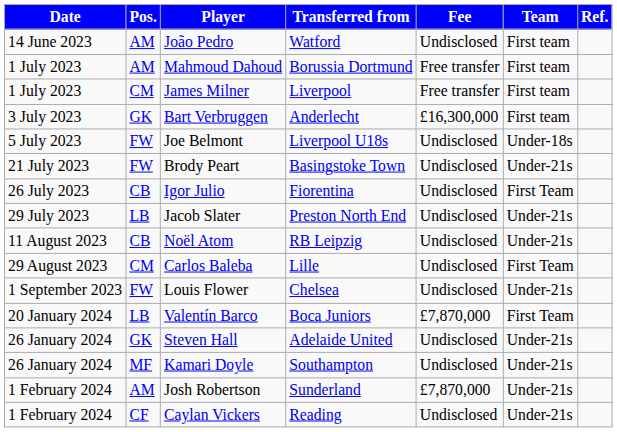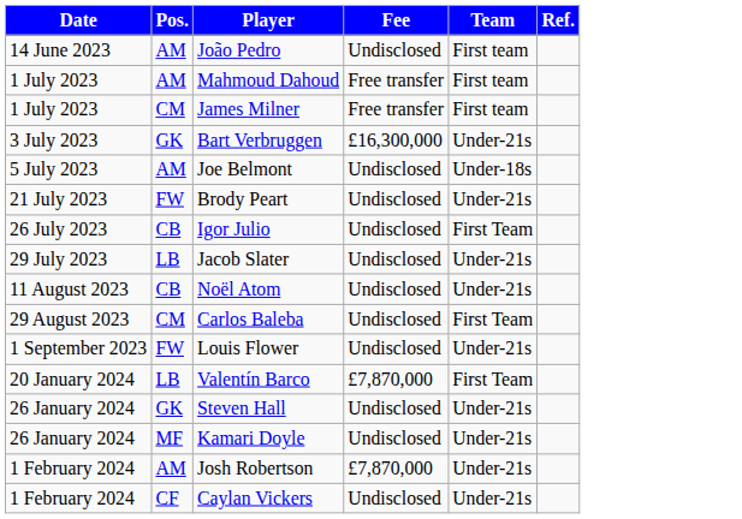 <table class="wikitable plainrowheaders sortable">
 <tr>
 <th style="background:#0000FF; color:#ffffff;">Date</th>
 <th style="background:#0000FF; color:#ffffff;">Pos.</th>
 <th style="background:#0000FF; color:#ffffff;">Player</th>
-<th style="background:#0000FF; color:#ffffff;">Transferred from</th>
 <th style="background:#0000FF; color:#ffffff;">Fee</th>
 <th style="background:#0000FF; color:#FFFFFF; ">Team</th>
 <th style="background:#0000FF; color:#ffffff;">Ref.</th>
 </tr>
 <tr>
 <td>14 June 2023</td>
 <td><a href='#'>AM</a></td>
 <td> <a href='#'>João Pedro</a></td>
-<td> <a href='#'>Watford</a></td>
 <td>Undisclosed</td>
 <td>First team</td>
 <td></td>
 </tr>
 <tr>
 <td>1 July 2023</td>
 <td><a href='#'>AM</a></td>
 <td> <a href='#'>Mahmoud Dahoud</a></td>
-<td> <a href='#'>Borussia Dortmund</a></td>
 <td>Free transfer</td>
 <td>First team</td>
 <td></td>
 </tr>
 <tr>
 <td>1 July 2023</td>
 <td><a href='#'>CM</a></td>
 <td> <a href='#'>James Milner</a></td>
-<td> <a href='#'>Liverpool</a></td>
 <td>Free transfer</td>
 <td>First team</td>
 <td></td>
 </tr>
 <tr>
 <td>3 July 2023</td>
 <td><a href='#'>GK</a></td>
 <td> <a href='#'>Bart Verbruggen</a></td>
-<td> <a href='#'>Anderlecht</a></td>
 <td>£16,300,000</td>
-<td>First team</td>
+<td>Under-21s</td>
 <td></td>
 </tr>
 <tr>
 <td>5 July 2023</td>
-<td><a href='#'>FW</a></td>
+<td><a href='#'>AM</a></td>
 <td> Joe Belmont</td>
-<td> <a href='#'>Liverpool U18s</a></td>
 <td>Undisclosed</td>
 <td>Under-18s</td>
 <td></td>
 </tr>
 <tr>
 <td>21 July 2023</td>
 <td><a href='#'>FW</a></td>
 <td> Brody Peart</td>
-<td> <a href='#'>Basingstoke Town</a></td>
 <td>Undisclosed</td>
 <td>Under-21s</td>
 <td></td>
 </tr>
 <tr>
 <td>26 July 2023</td>
 <td><a href='#'>CB</a></td>
 <td> <a href='#'>Igor Julio</a></td>
-<td> <a href='#'>Fiorentina</a></td>
 <td>Undisclosed</td>
 <td>First Team</td>
 <td></td>
 </tr>
 <tr>
 <td>29 July 2023</td>
 <td><a href='#'>LB</a></td>
 <td> Jacob Slater</td>
-<td> <a href='#'>Preston North End</a></td>
 <td>Undisclosed</td>
 <td>Under-21s</td>
 <td></td>
 </tr>
 <tr>
 <td>11 August 2023</td>
 <td><a href='#'>CB</a></td>
 <td> <a href='#'>Noël Atom</a></td>
-<td> <a href='#'>RB Leipzig</a></td>
 <td>Undisclosed</td>
 <td>Under-21s</td>
 <td></td>
 </tr>
 <tr>
 <td>29 August 2023</td>
 <td><a href='#'>CM</a></td>
 <td> <a href='#'>Carlos Baleba</a></td>
-<td> <a href='#'>Lille</a></td>
 <td>Undisclosed</td>
 <td>First Team</td>
 <td></td>
 </tr>
 <tr>
 <td>1 September 2023</td>
 <td><a href='#'>FW</a></td>
 <td> Louis Flower</td>
-<td> <a href='#'>Chelsea</a></td>
 <td>Undisclosed</td>
 <td>Under-21s</td>
 <td></td>
 </tr>
 <tr>
 <td>20 January 2024</td>
 <td><a href='#'>LB</a></td>
 <td> <a href='#'>Valentín Barco</a></td>
-<td> <a href='#'>Boca Juniors</a></td>
 <td>£7,870,000</td>
 <td>First Team</td>
 <td></td>
 </tr>
 <tr>
 <td>26 January 2024</td>
 <td><a href='#'>GK</a></td>
 <td> <a href='#'>Steven Hall</a></td>
-<td> <a href='#'>Adelaide United</a></td>
 <td>Undisclosed</td>
 <td>Under-21s</td>
 <td></td>
 </tr>
 <tr>
 <td>26 January 2024</td>
 <td><a href='#'>MF</a></td>
 <td> <a href='#'>Kamari Doyle</a></td>
-<td> <a href='#'>Southampton</a></td>
 <td>Undisclosed</td>
 <td>Under-21s</td>
 <td></td>
 </tr>
 <tr>
 <td>1 February 2024</td>
 <td><a href='#'>AM</a></td>
 <td> Josh Robertson</td>
-<td> <a href='#'>Sunderland</a></td>
 <td>£7,870,000</td>
 <td>Under-21s</td>
 <td></td>
 </tr>
 <tr>
 <td>1 February 2024</td>
 <td><a href='#'>CF</a></td>
 <td> <a href='#'>Caylan Vickers</a></td>
-<td> <a href='#'>Reading</a></td>
 <td>Undisclosed</td>
 <td>Under-21s</td>
 <td></td>
 </tr>
 </table>
